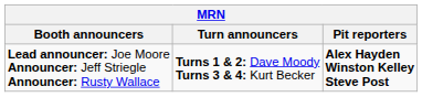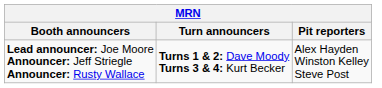 <table class="wikitable" style="font-size: 95%;">
 <tr>
 <th colspan="3"><a href='#'>MRN</a></th>
 </tr>
 <tr>
 <th>Booth announcers</th>
 <th>Turn announcers</th>
 <th>Pit reporters</th>
 </tr>
 <tr>
 <td><strong>Lead announcer:</strong> Joe Moore<br><strong>Announcer:</strong> Jeff Striegle<br><strong>Announcer:</strong> <a href='#'>Rusty Wallace</a></td>
 <td><strong>Turns 1 & 2:</strong> <a href='#'>Dave Moody</a><br><strong>Turns 3 & 4:</strong> Kurt Becker</td>
-<td><strong>Alex Hayden<br>Winston Kelley<br>Steve Post</strong></td>
+<td>Alex Hayden<br>Winston Kelley<br>Steve Post</td>
 </tr>
 </table>
